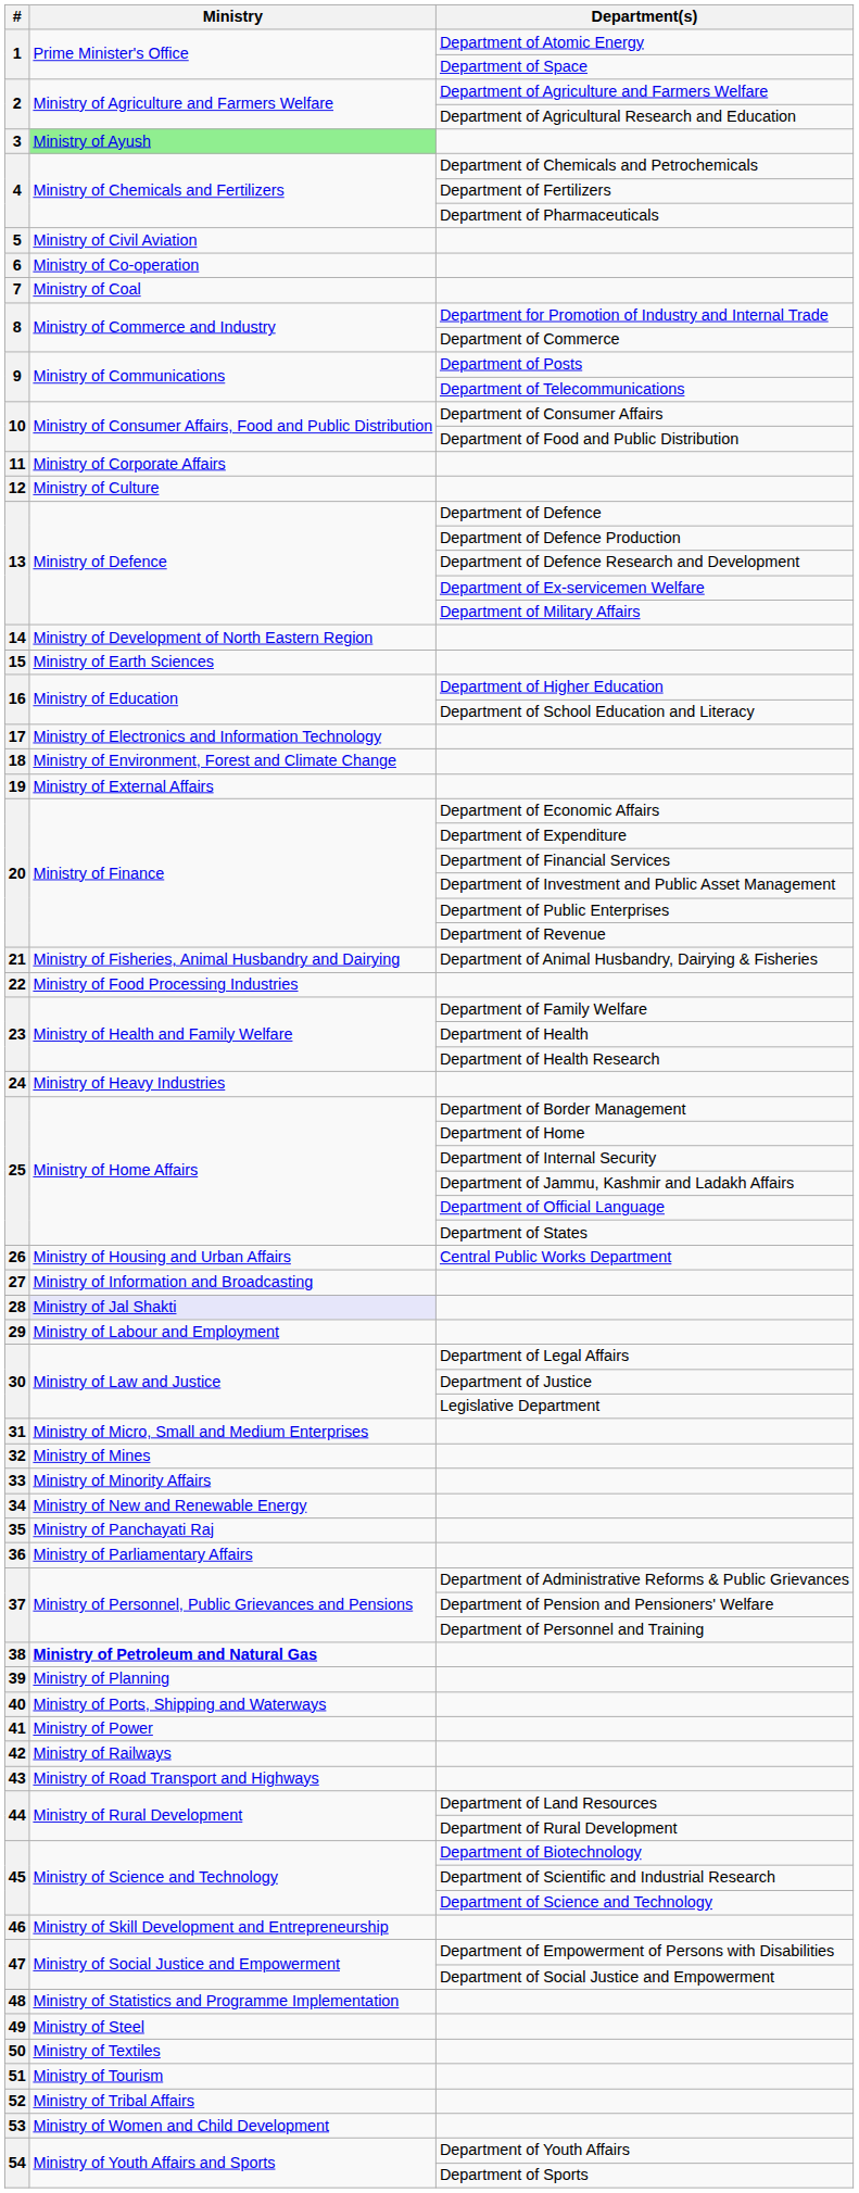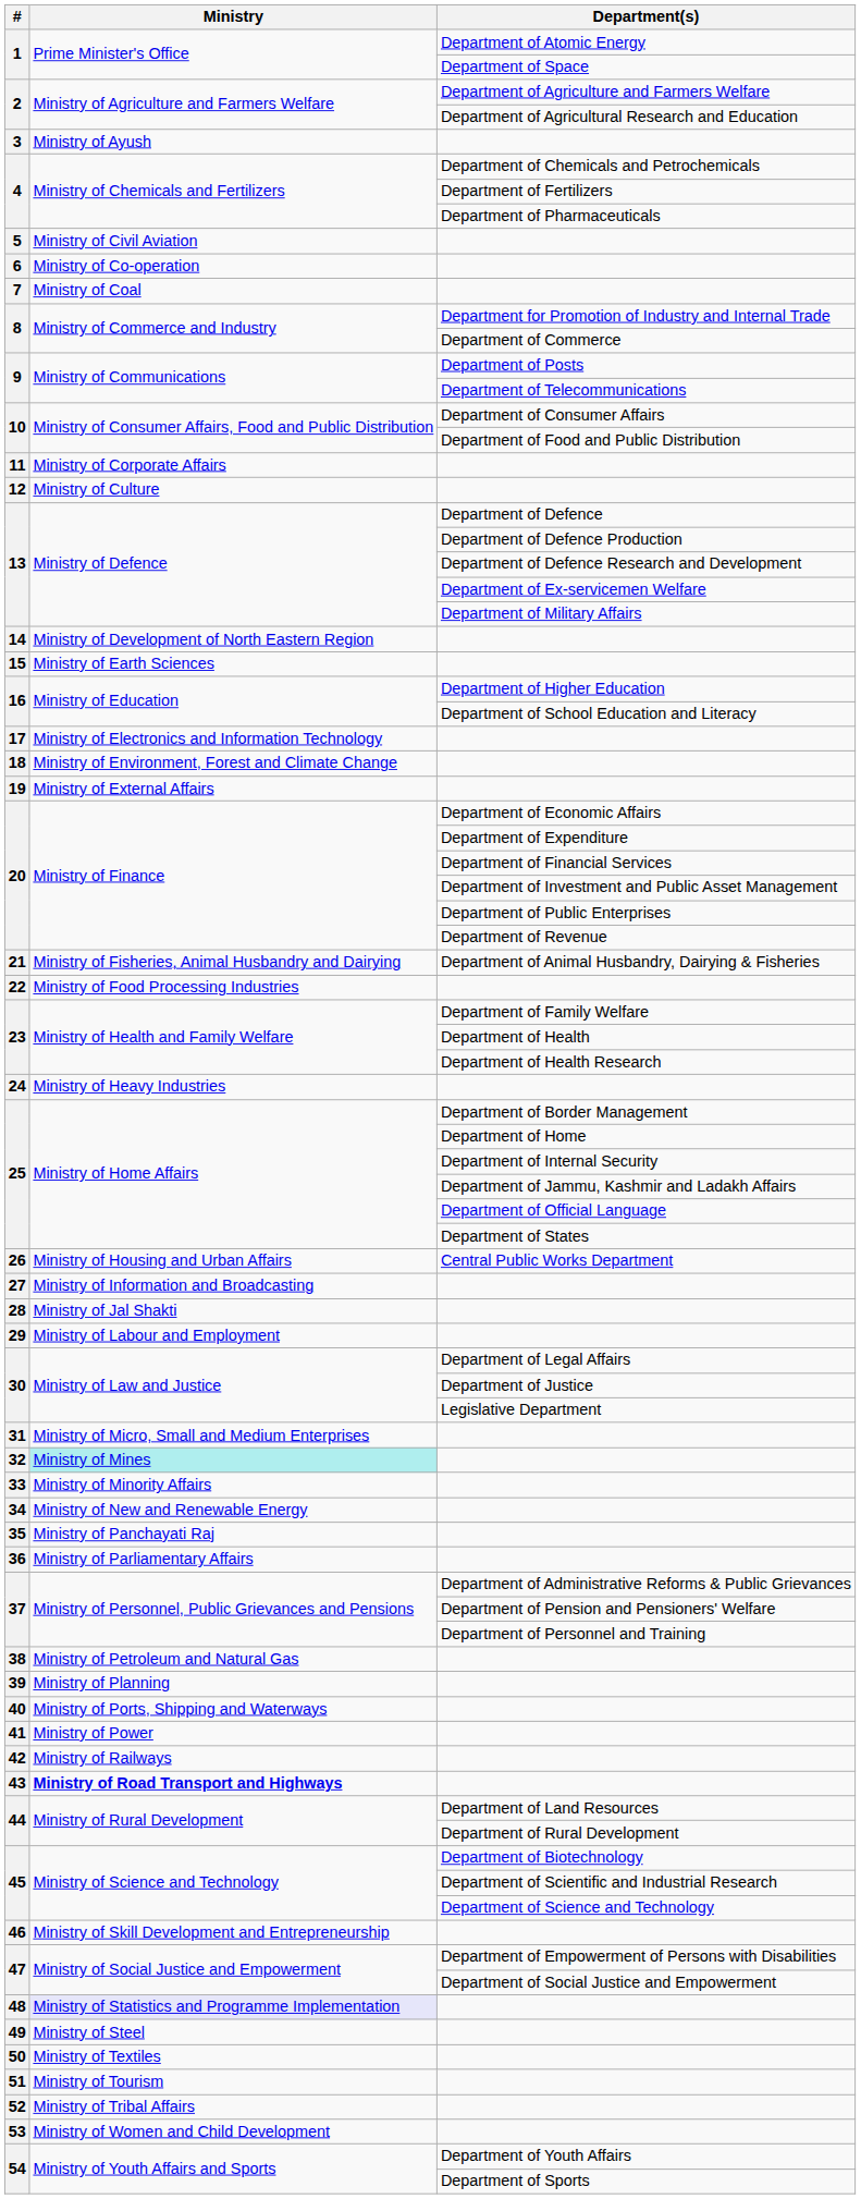 <table class="wikitable mw-collapsible">
 <tr>
 <th>#</th>
 <th>Ministry</th>
 <th>Department(s)</th>
 </tr>
 <tr>
 <th rowspan="2">1</th>
 <td rowspan="2"><a href='#'>Prime Minister's Office</a></td>
 <td><a href='#'>Department of Atomic Energy</a></td>
 </tr>
 <tr>
 <td><a href='#'>Department of Space</a></td>
 </tr>
 <tr>
 <th rowspan="2">2</th>
 <td rowspan="2"><a href='#'>Ministry of Agriculture and Farmers Welfare</a></td>
 <td><a href='#'>Department of Agriculture and Farmers Welfare</a></td>
 </tr>
 <tr>
 <td>Department of Agricultural Research and Education</td>
 </tr>
 <tr>
 <th>3</th>
-<td style="background: lightgreen;"><a href='#'>Ministry of Ayush</a></td>
+<td><a href='#'>Ministry of Ayush</a></td>
 <td></td>
 </tr>
 <tr>
 <th rowspan="3">4</th>
 <td rowspan="3"><a href='#'>Ministry of Chemicals and Fertilizers</a></td>
 <td>Department of Chemicals and Petrochemicals</td>
 </tr>
 <tr>
 <td>Department of Fertilizers</td>
 </tr>
 <tr>
 <td>Department of Pharmaceuticals</td>
 </tr>
 <tr>
 <th>5</th>
 <td><a href='#'>Ministry of Civil Aviation</a></td>
 <td></td>
 </tr>
 <tr>
 <th>6</th>
 <td><a href='#'>Ministry of Co-operation</a></td>
 <td></td>
 </tr>
 <tr>
 <th>7</th>
 <td><a href='#'>Ministry of Coal</a></td>
 <td></td>
 </tr>
 <tr>
 <th rowspan="2">8</th>
 <td rowspan="2"><a href='#'>Ministry of Commerce and Industry</a></td>
 <td><a href='#'>Department for Promotion of Industry and Internal Trade</a></td>
 </tr>
 <tr>
 <td>Department of Commerce</td>
 </tr>
 <tr>
 <th rowspan="2">9</th>
 <td rowspan="2"><a href='#'>Ministry of Communications</a></td>
 <td><a href='#'>Department of Posts</a></td>
 </tr>
 <tr>
 <td><a href='#'>Department of Telecommunications</a></td>
 </tr>
 <tr>
 <th rowspan="2">10</th>
 <td rowspan="2"><a href='#'>Ministry of Consumer Affairs, Food and Public Distribution</a></td>
 <td>Department of Consumer Affairs</td>
 </tr>
 <tr>
 <td>Department of Food and Public Distribution</td>
 </tr>
 <tr>
 <th>11</th>
 <td><a href='#'>Ministry of Corporate Affairs</a></td>
 <td></td>
 </tr>
 <tr>
 <th>12</th>
 <td><a href='#'>Ministry of Culture</a></td>
 <td></td>
 </tr>
 <tr>
 <th rowspan="5">13</th>
 <td rowspan="5"><a href='#'>Ministry of Defence</a></td>
 <td>Department of Defence</td>
 </tr>
 <tr>
 <td>Department of Defence Production</td>
 </tr>
 <tr>
 <td>Department of Defence Research and Development</td>
 </tr>
 <tr>
 <td><a href='#'>Department of Ex-servicemen Welfare</a></td>
 </tr>
 <tr>
 <td><a href='#'>Department of Military Affairs</a></td>
 </tr>
 <tr>
 <th>14</th>
 <td><a href='#'>Ministry of Development of North Eastern Region</a></td>
 <td></td>
 </tr>
 <tr>
 <th>15</th>
 <td><a href='#'>Ministry of Earth Sciences</a></td>
 <td></td>
 </tr>
 <tr>
 <th rowspan="2">16</th>
 <td rowspan="2"><a href='#'>Ministry of Education</a></td>
 <td><a href='#'>Department of Higher Education</a></td>
 </tr>
 <tr>
 <td>Department of School Education and Literacy</td>
 </tr>
 <tr>
 <th>17</th>
 <td><a href='#'>Ministry of Electronics and Information Technology</a></td>
 <td></td>
 </tr>
 <tr>
 <th>18</th>
 <td><a href='#'>Ministry of Environment, Forest and Climate Change</a></td>
 <td></td>
 </tr>
 <tr>
 <th>19</th>
 <td><a href='#'>Ministry of External Affairs</a></td>
 <td></td>
 </tr>
 <tr>
 <th rowspan="6">20</th>
 <td rowspan="6"><a href='#'>Ministry of Finance</a></td>
 <td>Department of Economic Affairs</td>
 </tr>
 <tr>
 <td>Department of Expenditure</td>
 </tr>
 <tr>
 <td>Department of Financial Services</td>
 </tr>
 <tr>
 <td>Department of Investment and Public Asset Management</td>
 </tr>
 <tr>
 <td>Department of Public Enterprises</td>
 </tr>
 <tr>
 <td>Department of Revenue</td>
 </tr>
 <tr>
 <th>21</th>
 <td><a href='#'>Ministry of Fisheries, Animal Husbandry and Dairying</a></td>
 <td>Department of Animal Husbandry, Dairying & Fisheries</td>
 </tr>
 <tr>
 <th>22</th>
 <td><a href='#'>Ministry of Food Processing Industries</a></td>
 <td></td>
 </tr>
 <tr>
 <th rowspan="3">23</th>
 <td rowspan="3"><a href='#'>Ministry of Health and Family Welfare</a></td>
 <td>Department of Family Welfare</td>
 </tr>
 <tr>
 <td>Department of Health</td>
 </tr>
 <tr>
 <td>Department of Health Research</td>
 </tr>
 <tr>
 <th>24</th>
 <td><a href='#'>Ministry of Heavy Industries</a></td>
 <td></td>
 </tr>
 <tr>
 <th rowspan="6">25</th>
 <td rowspan="6"><a href='#'>Ministry of Home Affairs</a></td>
 <td>Department of Border Management</td>
 </tr>
 <tr>
 <td>Department of Home</td>
 </tr>
 <tr>
 <td>Department of Internal Security</td>
 </tr>
 <tr>
 <td>Department of Jammu, Kashmir and Ladakh Affairs</td>
 </tr>
 <tr>
 <td><a href='#'>Department of Official Language</a></td>
 </tr>
 <tr>
 <td>Department of States</td>
 </tr>
 <tr>
 <th>26</th>
 <td><a href='#'>Ministry of Housing and Urban Affairs</a></td>
 <td><a href='#'>Central Public Works Department</a></td>
 </tr>
 <tr>
 <th>27</th>
 <td><a href='#'>Ministry of Information and Broadcasting</a></td>
 <td></td>
 </tr>
 <tr>
 <th>28</th>
-<td style="background: lavender;"><a href='#'>Ministry of Jal Shakti</a></td>
+<td><a href='#'>Ministry of Jal Shakti</a></td>
 <td></td>
 </tr>
 <tr>
 <th>29</th>
 <td><a href='#'>Ministry of Labour and Employment</a></td>
 <td></td>
 </tr>
 <tr>
 <th rowspan="3">30</th>
 <td rowspan="3"><a href='#'>Ministry of Law and Justice</a></td>
 <td>Department of Legal Affairs</td>
 </tr>
 <tr>
 <td>Department of Justice</td>
 </tr>
 <tr>
 <td>Legislative Department</td>
 </tr>
 <tr>
 <th>31</th>
 <td><a href='#'>Ministry of Micro, Small and Medium Enterprises</a></td>
 <td></td>
 </tr>
 <tr>
 <th>32</th>
-<td><a href='#'>Ministry of Mines</a></td>
+<td style="background: paleturquoise;"><a href='#'>Ministry of Mines</a></td>
 <td></td>
 </tr>
 <tr>
 <th>33</th>
 <td><a href='#'>Ministry of Minority Affairs</a></td>
 <td></td>
 </tr>
 <tr>
 <th>34</th>
 <td><a href='#'>Ministry of New and Renewable Energy</a></td>
 <td></td>
 </tr>
 <tr>
 <th>35</th>
 <td><a href='#'>Ministry of Panchayati Raj</a></td>
 <td></td>
 </tr>
 <tr>
 <th>36</th>
 <td><a href='#'>Ministry of Parliamentary Affairs</a></td>
 <td></td>
 </tr>
 <tr>
 <th rowspan="3">37</th>
 <td rowspan="3"><a href='#'>Ministry of Personnel, Public Grievances and Pensions</a></td>
 <td>Department of Administrative Reforms & Public Grievances</td>
 </tr>
 <tr>
 <td>Department of Pension and Pensioners' Welfare</td>
 </tr>
 <tr>
 <td>Department of Personnel and Training</td>
 </tr>
 <tr>
 <th>38</th>
-<td><strong><a href='#'>Ministry of Petroleum and Natural Gas</a></strong></td>
+<td><a href='#'>Ministry of Petroleum and Natural Gas</a></td>
 <td></td>
 </tr>
 <tr>
 <th>39</th>
 <td><a href='#'>Ministry of Planning</a></td>
 <td></td>
 </tr>
 <tr>
 <th>40</th>
 <td><a href='#'>Ministry of Ports, Shipping and Waterways</a></td>
 <td></td>
 </tr>
 <tr>
 <th>41</th>
 <td><a href='#'>Ministry of Power</a></td>
 <td></td>
 </tr>
 <tr>
 <th>42</th>
 <td><a href='#'>Ministry of Railways</a></td>
 <td></td>
 </tr>
 <tr>
 <th>43</th>
-<td><a href='#'>Ministry of Road Transport and Highways</a></td>
+<td><strong><a href='#'>Ministry of Road Transport and Highways</a></strong></td>
 <td></td>
 </tr>
 <tr>
 <th rowspan="2">44</th>
 <td rowspan="2"><a href='#'>Ministry of Rural Development</a></td>
 <td>Department of Land Resources</td>
 </tr>
 <tr>
 <td>Department of Rural Development</td>
 </tr>
 <tr>
 <th rowspan="3">45</th>
 <td rowspan="3"><a href='#'>Ministry of Science and Technology</a></td>
 <td><a href='#'>Department of Biotechnology</a></td>
 </tr>
 <tr>
 <td>Department of Scientific and Industrial Research</td>
 </tr>
 <tr>
 <td><a href='#'>Department of Science and Technology</a></td>
 </tr>
 <tr>
 <th>46</th>
 <td><a href='#'>Ministry of Skill Development and Entrepreneurship</a></td>
 <td></td>
 </tr>
 <tr>
 <th rowspan="2">47</th>
 <td rowspan="2"><a href='#'>Ministry of Social Justice and Empowerment</a></td>
 <td>Department of Empowerment of Persons with Disabilities</td>
 </tr>
 <tr>
 <td>Department of Social Justice and Empowerment</td>
 </tr>
 <tr>
 <th>48</th>
-<td><a href='#'>Ministry of Statistics and Programme Implementation</a></td>
+<td style="background: lavender;"><a href='#'>Ministry of Statistics and Programme Implementation</a></td>
 <td></td>
 </tr>
 <tr>
 <th>49</th>
 <td><a href='#'>Ministry of Steel</a></td>
 <td></td>
 </tr>
 <tr>
 <th>50</th>
 <td><a href='#'>Ministry of Textiles</a></td>
 <td></td>
 </tr>
 <tr>
 <th>51</th>
 <td><a href='#'>Ministry of Tourism</a></td>
 <td></td>
 </tr>
 <tr>
 <th>52</th>
 <td><a href='#'>Ministry of Tribal Affairs</a></td>
 <td></td>
 </tr>
 <tr>
 <th>53</th>
 <td><a href='#'>Ministry of Women and Child Development</a></td>
 <td></td>
 </tr>
 <tr>
 <th rowspan="2">54</th>
 <td rowspan="2"><a href='#'>Ministry of Youth Affairs and Sports</a></td>
 <td>Department of Youth Affairs</td>
 </tr>
 <tr>
 <td>Department of Sports</td>
 </tr>
 </table>
